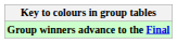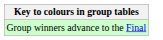 <table class="wikitable">
 <tr>
 <th>Key to colours in group tables</th>
 </tr>
 <tr bgcolor=#ccffcc>
-<td><strong>Group winners advance to the <a href='#'>Final</a></strong></td>
+<td>Group winners advance to the <a href='#'>Final</a></td>
 </tr>
 </table>
